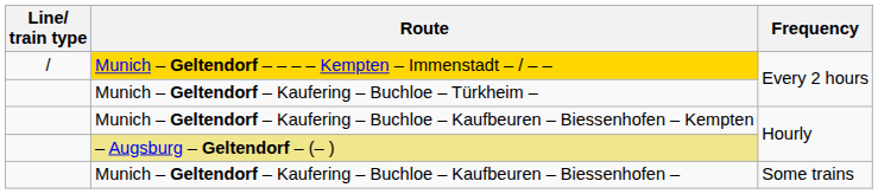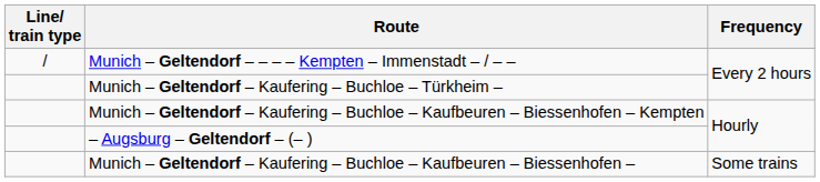 <table class="wikitable">
 <tr class="hintergrundfarbe6">
 <th>Line/<br>train type</th>
 <th>Route</th>
 <th>Frequency</th>
 </tr>
 <tr>
 <td align="center">/<br></td>
-<td style="background: gold;"><a href='#'>Munich</a> – <strong>Geltendorf</strong> –  –  –  – <a href='#'>Kempten</a> – Immenstadt –  / –  – </td>
+<td><a href='#'>Munich</a> – <strong>Geltendorf</strong> –  –  –  – <a href='#'>Kempten</a> – Immenstadt –  / –  – </td>
 <td rowspan=2>Every 2 hours</td>
 </tr>
 <tr>
 <td align="center"></td>
 <td>Munich – <strong>Geltendorf</strong> – Kaufering – Buchloe – Türkheim – </td>
 </tr>
 <tr>
 <td align="center"></td>
 <td>Munich – <strong>Geltendorf</strong> – Kaufering – Buchloe – Kaufbeuren – Biessenhofen – Kempten</td>
 <td rowspan=2>Hourly</td>
 </tr>
 <tr>
 <td align="center"></td>
-<td style="background: khaki;"> – <a href='#'>Augsburg</a> – <strong>Geltendorf</strong> –  (– )</td>
+<td> – <a href='#'>Augsburg</a> – <strong>Geltendorf</strong> –  (– )</td>
 </tr>
 <tr>
 <td align="center"></td>
 <td>Munich – <strong>Geltendorf</strong> – Kaufering – Buchloe – Kaufbeuren – Biessenhofen – </td>
 <td>Some trains</td>
 </tr>
 </table>
